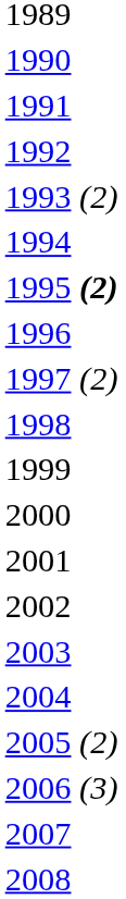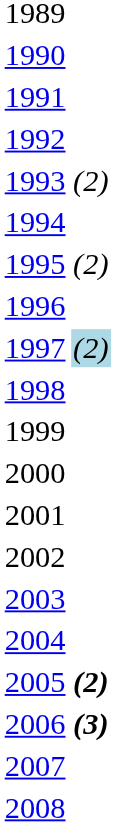 <table>
 <tr>
 <td align="center">1989</td>
 <td></td>
 <td></td>
 <td></td>
 </tr>
 <tr>
 <td align="center"><a href='#'>1990</a></td>
 <td></td>
 <td></td>
 <td></td>
 </tr>
 <tr>
 <td align="center"><a href='#'>1991</a></td>
 <td></td>
 <td></td>
 <td></td>
 </tr>
 <tr>
 <td align="center"><a href='#'>1992</a></td>
 <td></td>
 <td></td>
 <td></td>
 </tr>
 <tr>
 <td align="center"><a href='#'>1993</a></td>
 <td> <em>(2)</em></td>
 <td></td>
 <td></td>
 </tr>
 <tr>
 <td align="center"><a href='#'>1994</a></td>
 <td></td>
 <td></td>
 <td></td>
 </tr>
 <tr>
 <td align="center"><a href='#'>1995</a></td>
-<td><strong> <em>(2)</em></strong></td>
+<td> <em>(2)</em></td>
 <td></td>
 <td></td>
 </tr>
 <tr>
 <td align="center"><a href='#'>1996</a></td>
 <td></td>
 <td></td>
 <td></td>
 </tr>
 <tr>
 <td align="center"><a href='#'>1997</a></td>
-<td> <em>(2)</em></td>
+<td style="background: lightblue;"> <em>(2)</em></td>
 <td></td>
 <td></td>
 </tr>
 <tr>
 <td align="center"><a href='#'>1998</a></td>
 <td></td>
 <td></td>
 <td></td>
 </tr>
 <tr>
 <td align="center">1999</td>
 <td></td>
 <td></td>
 <td></td>
 </tr>
 <tr>
 <td align="center">2000</td>
 <td></td>
 <td></td>
 <td></td>
 </tr>
 <tr>
 <td align="center">2001</td>
 <td></td>
 <td></td>
 <td></td>
 </tr>
 <tr>
 <td align="center">2002</td>
 <td></td>
 <td></td>
 <td></td>
 </tr>
 <tr>
 <td align="center"><a href='#'>2003</a></td>
 <td></td>
 <td></td>
 <td></td>
 </tr>
 <tr>
 <td align="center"><a href='#'>2004</a></td>
 <td></td>
 <td></td>
 <td></td>
 </tr>
 <tr>
 <td align="center"><a href='#'>2005</a></td>
-<td> <em>(2)</em></td>
+<td><strong> <em>(2)</em></strong></td>
 <td></td>
 <td></td>
 </tr>
 <tr>
 <td align="center"><a href='#'>2006</a></td>
-<td> <em>(3)</em></td>
+<td><strong> <em>(3)</em></strong></td>
 <td></td>
 <td></td>
 </tr>
 <tr>
 <td align="center"><a href='#'>2007</a></td>
 <td></td>
 <td></td>
 <td></td>
 </tr>
 <tr>
 <td align="center"><a href='#'>2008</a></td>
 <td></td>
 <td></td>
 <td></td>
 </tr>
 </table>
